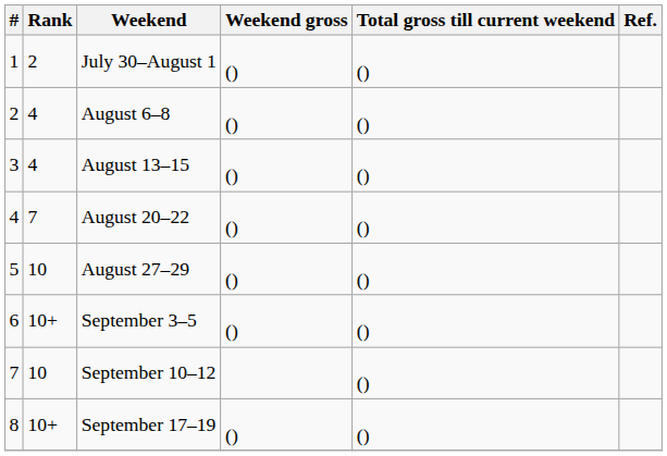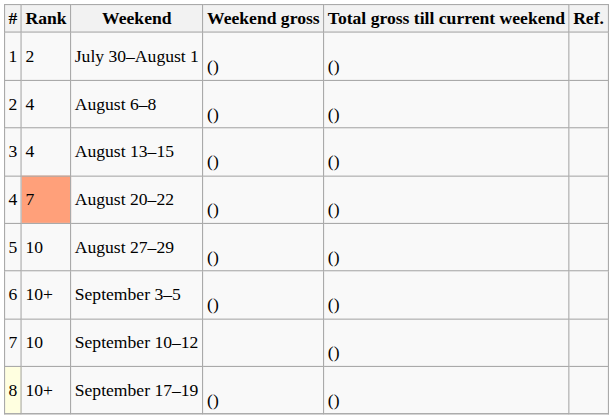 <table class = wikitable>
 <tr>
 <th>#</th>
 <th>Rank</th>
 <th>Weekend</th>
 <th>Weekend gross</th>
 <th>Total gross till current weekend</th>
 <th>Ref.</th>
 </tr>
 <tr>
 <td>1</td>
 <td>2</td>
 <td>July 30–August 1</td>
 <td><br>()</td>
 <td><br>()</td>
 <td></td>
 </tr>
 <tr>
 <td>2</td>
 <td>4</td>
 <td>August 6–8</td>
 <td><br>()</td>
 <td><br>()</td>
 <td></td>
 </tr>
 <tr>
 <td>3</td>
 <td>4</td>
 <td>August 13–15</td>
 <td><br>()</td>
 <td><br>()</td>
 <td></td>
 </tr>
 <tr>
 <td>4</td>
-<td>7</td>
+<td style="background: lightsalmon;">7</td>
 <td>August 20–22</td>
 <td><br>()</td>
 <td><br>()</td>
 <td></td>
 </tr>
 <tr>
 <td>5</td>
 <td>10</td>
 <td>August 27–29</td>
 <td><br>()</td>
 <td><br>()</td>
 <td></td>
 </tr>
 <tr>
 <td>6</td>
 <td>10+</td>
 <td>September 3–5</td>
 <td><br>()</td>
 <td><br>()</td>
 <td></td>
 </tr>
 <tr>
 <td>7</td>
 <td>10</td>
 <td>September 10–12</td>
 <td></td>
 <td><br>()</td>
 <td></td>
 </tr>
 <tr>
-<td>8</td>
+<td style="background: lightyellow;">8</td>
 <td>10+</td>
 <td>September 17–19</td>
 <td><br>()</td>
 <td><br>()</td>
 <td></td>
 </tr>
 <tr>
 </tr>
 </table>
